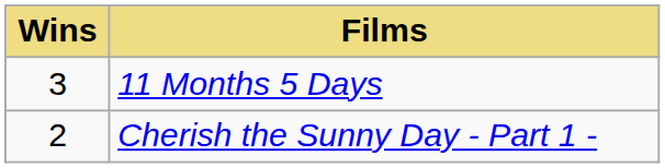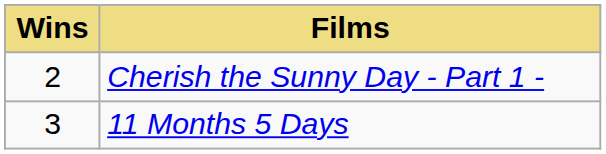 <table class="wikitable" align="center" style="width:25%;">
 <tr>
 <th style="background:#EEDD82;" align="center">Wins</th>
 <th style="background:#EEDD82;" align="center">Films</th>
 </tr>
 <tr>
+<td style="text-align:center">2</td>
+<td><em><a href='#'>Cherish the Sunny Day - Part 1 -</a></em></td>
+</tr>
+<tr>
 <td style="text-align:center">3</td>
 <td><em><a href='#'>11 Months 5 Days</a></em></td>
 </tr>
-<tr>
-<td style="text-align:center">2</td>
-<td><em><a href='#'>Cherish the Sunny Day - Part 1 -</a></em></td>
-</tr>
 </table>
